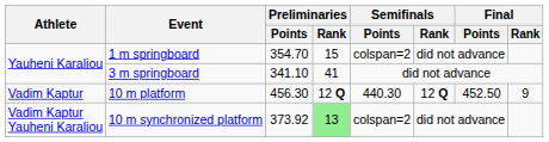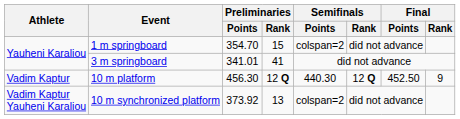 <table class=wikitable style="font-size:90%;">
 <tr>
 <th rowspan="2">Athlete</th>
 <th rowspan="2">Event</th>
 <th colspan="2">Preliminaries</th>
 <th colspan="2">Semifinals</th>
 <th colspan="2">Final</th>
 </tr>
 <tr style="font-size:95%">
 <th>Points</th>
 <th>Rank</th>
 <th>Points</th>
 <th>Rank</th>
 <th>Points</th>
 <th>Rank</th>
 </tr>
 <tr align=center>
 <td align=left rowspan=2><a href='#'>Yauheni Karaliou</a></td>
 <td align=left><a href='#'>1 m springboard</a></td>
 <td>354.70</td>
 <td>15</td>
 <td>colspan=2 </td>
 <td colspan=2>did not advance</td>
 </tr>
 <tr align=center>
 <td align=left><a href='#'>3 m springboard</a></td>
-<td>341.10</td>
+<td>341.01</td>
 <td>41</td>
 <td colspan=4>did not advance</td>
 </tr>
 <tr align=center>
 <td align=left><a href='#'>Vadim Kaptur</a></td>
 <td align=left><a href='#'>10 m platform</a></td>
 <td>456.30</td>
 <td>12 <strong>Q</strong></td>
 <td>440.30</td>
 <td>12 <strong>Q</strong></td>
 <td>452.50</td>
 <td>9</td>
 </tr>
 <tr align=center>
 <td align=left><a href='#'>Vadim Kaptur</a><br><a href='#'>Yauheni Karaliou</a></td>
 <td align=left><a href='#'>10 m synchronized platform</a></td>
 <td>373.92</td>
-<td style="background: lightgreen;">13</td>
+<td>13</td>
 <td>colspan=2 </td>
 <td colspan=2>did not advance</td>
 </tr>
 </table>
